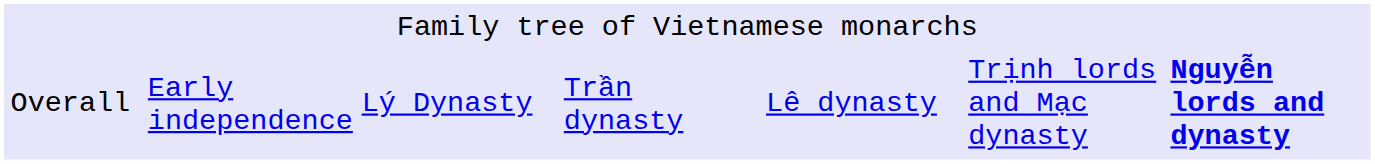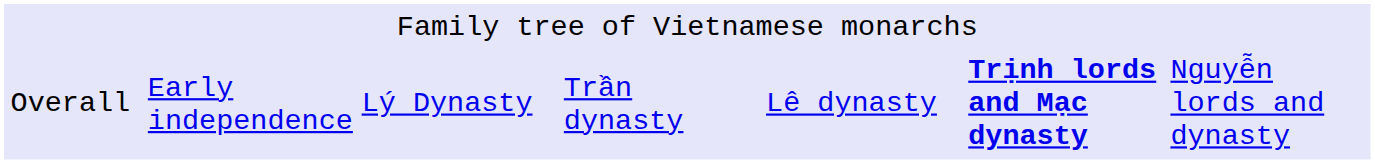 <table width="100%" style="background: #E6E6FA">
 <tr>
 <td align="center" colspan="7">Family tree of Vietnamese monarchs</td>
 </tr>
 <tr>
 <td width="10%" style="padding-top: 2px">Overall</td>
 <td width="15%" style="padding-top: 2px"><a href='#'>Early independence</a></td>
 <td width="15%" style="padding-top: 2px"><a href='#'>Lý Dynasty</a></td>
 <td width="15%" style="padding-top: 2px"><a href='#'>Trần dynasty</a></td>
 <td width="15%" style="padding-top: 2px"><a href='#'>Lê dynasty</a></td>
-<td width="15%" style="padding-top: 2px"><a href='#'>Trịnh lords and Mạc dynasty</a></td>
-<td width="15%" style="padding-top: 2px"><strong><a href='#'>Nguyễn lords and dynasty</a></strong></td>
+<td width="15%" style="padding-top: 2px"><strong><a href='#'>Trịnh lords and Mạc dynasty</a></strong></td>
+<td width="15%" style="padding-top: 2px"><a href='#'>Nguyễn lords and dynasty</a></td>
 </tr>
 </table>
